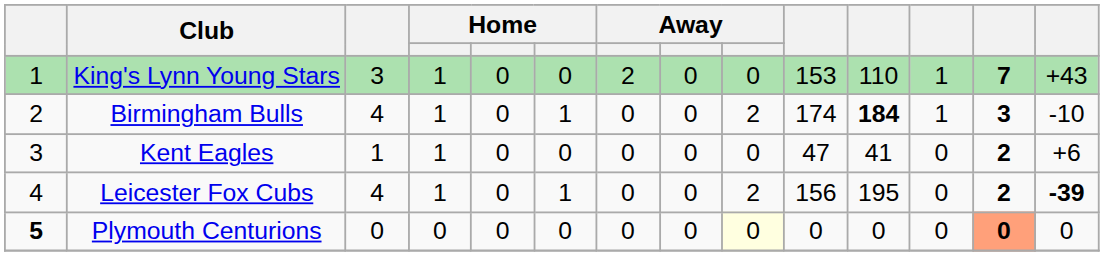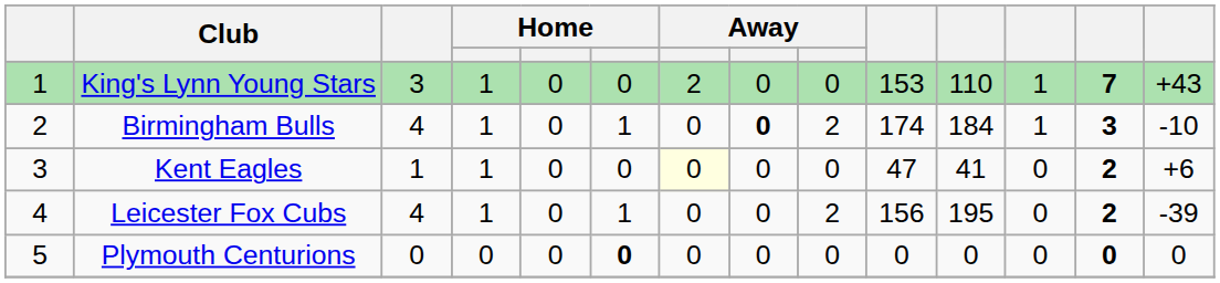 <table class="wikitable" style="text-align:center; font-size:85%">
 <tr>
 <th rowspan="2" style="width:28px;"></th>
 <th rowspan=2>Club</th>
 <th rowspan="2" style="width:28px;"></th>
 <th colspan=3>Home</th>
 <th colspan=3>Away</th>
 <th rowspan="2" style="width:28px;"></th>
 <th rowspan="2" style="width:28px;"></th>
 <th rowspan="2" style="width:28px;"></th>
 <th rowspan="2" style="width:28px;"></th>
 <th rowspan="2" style="width:28px;"></th>
 </tr>
 <tr>
 <th width=28></th>
 <th width=28></th>
 <th width=28></th>
 <th width=28></th>
 <th width=28></th>
 <th width=28></th>
 </tr>
 <tr style="background:#ACE1AF;">
 <td align="center">1</td>
 <td><a href='#'>King's Lynn Young Stars</a></td>
 <td align="center">3</td>
 <td align="center">1</td>
 <td align="center">0</td>
 <td align="center">0</td>
 <td align="center">2</td>
 <td align="center">0</td>
 <td align="center">0</td>
 <td align="center">153</td>
 <td align="center">110</td>
 <td align="center">1</td>
 <td align="center"><strong>7</strong></td>
 <td align="center">+43</td>
 </tr>
 <tr>
 <td align="center">2</td>
 <td><a href='#'>Birmingham Bulls</a></td>
 <td align="center">4</td>
 <td align="center">1</td>
 <td align="center">0</td>
 <td align="center">1</td>
 <td align="center">0</td>
-<td align="center">0</td>
+<td align="center"><strong>0</strong></td>
 <td align="center">2</td>
 <td align="center">174</td>
-<td align="center"><strong>184</strong></td>
+<td align="center">184</td>
 <td align="center">1</td>
 <td align="center"><strong>3</strong></td>
 <td align="center">-10</td>
 </tr>
 <tr>
 <td align="center">3</td>
 <td><a href='#'>Kent Eagles</a></td>
 <td align="center">1</td>
 <td align="center">1</td>
 <td align="center">0</td>
 <td align="center">0</td>
-<td align="center">0</td>
+<td align="center" style="background: lightyellow;">0</td>
 <td align="center">0</td>
 <td align="center">0</td>
 <td align="center">47</td>
 <td align="center">41</td>
 <td align="center">0</td>
 <td align="center"><strong>2</strong></td>
 <td align="center">+6</td>
 </tr>
 <tr>
 <td align="center">4</td>
 <td><a href='#'>Leicester Fox Cubs</a></td>
 <td align="center">4</td>
 <td align="center">1</td>
 <td align="center">0</td>
 <td align="center">1</td>
 <td align="center">0</td>
 <td align="center">0</td>
 <td align="center">2</td>
 <td align="center">156</td>
 <td align="center">195</td>
 <td align="center">0</td>
 <td align="center"><strong>2</strong></td>
-<td align="center"><strong>-39</strong></td>
+<td align="center">-39</td>
 </tr>
 <tr>
-<td align="center"><strong>5</strong></td>
+<td align="center">5</td>
 <td><a href='#'>Plymouth Centurions</a></td>
+<td align="center">0</td>
+<td align="center">0</td>
+<td align="center">0</td>
+<td align="center"><strong>0</strong></td>
 <td align="center">0</td>
 <td align="center">0</td>
 <td align="center">0</td>
 <td align="center">0</td>
 <td align="center">0</td>
 <td align="center">0</td>
-<td align="center" style="background: lightyellow;">0</td>
-<td align="center">0</td>
-<td align="center">0</td>
-<td align="center">0</td>
-<td align="center" style="background: lightsalmon;"><strong>0</strong></td>
+<td align="center"><strong>0</strong></td>
 <td align="center">0</td>
 </tr>
 <tr>
 </tr>
 </table>
